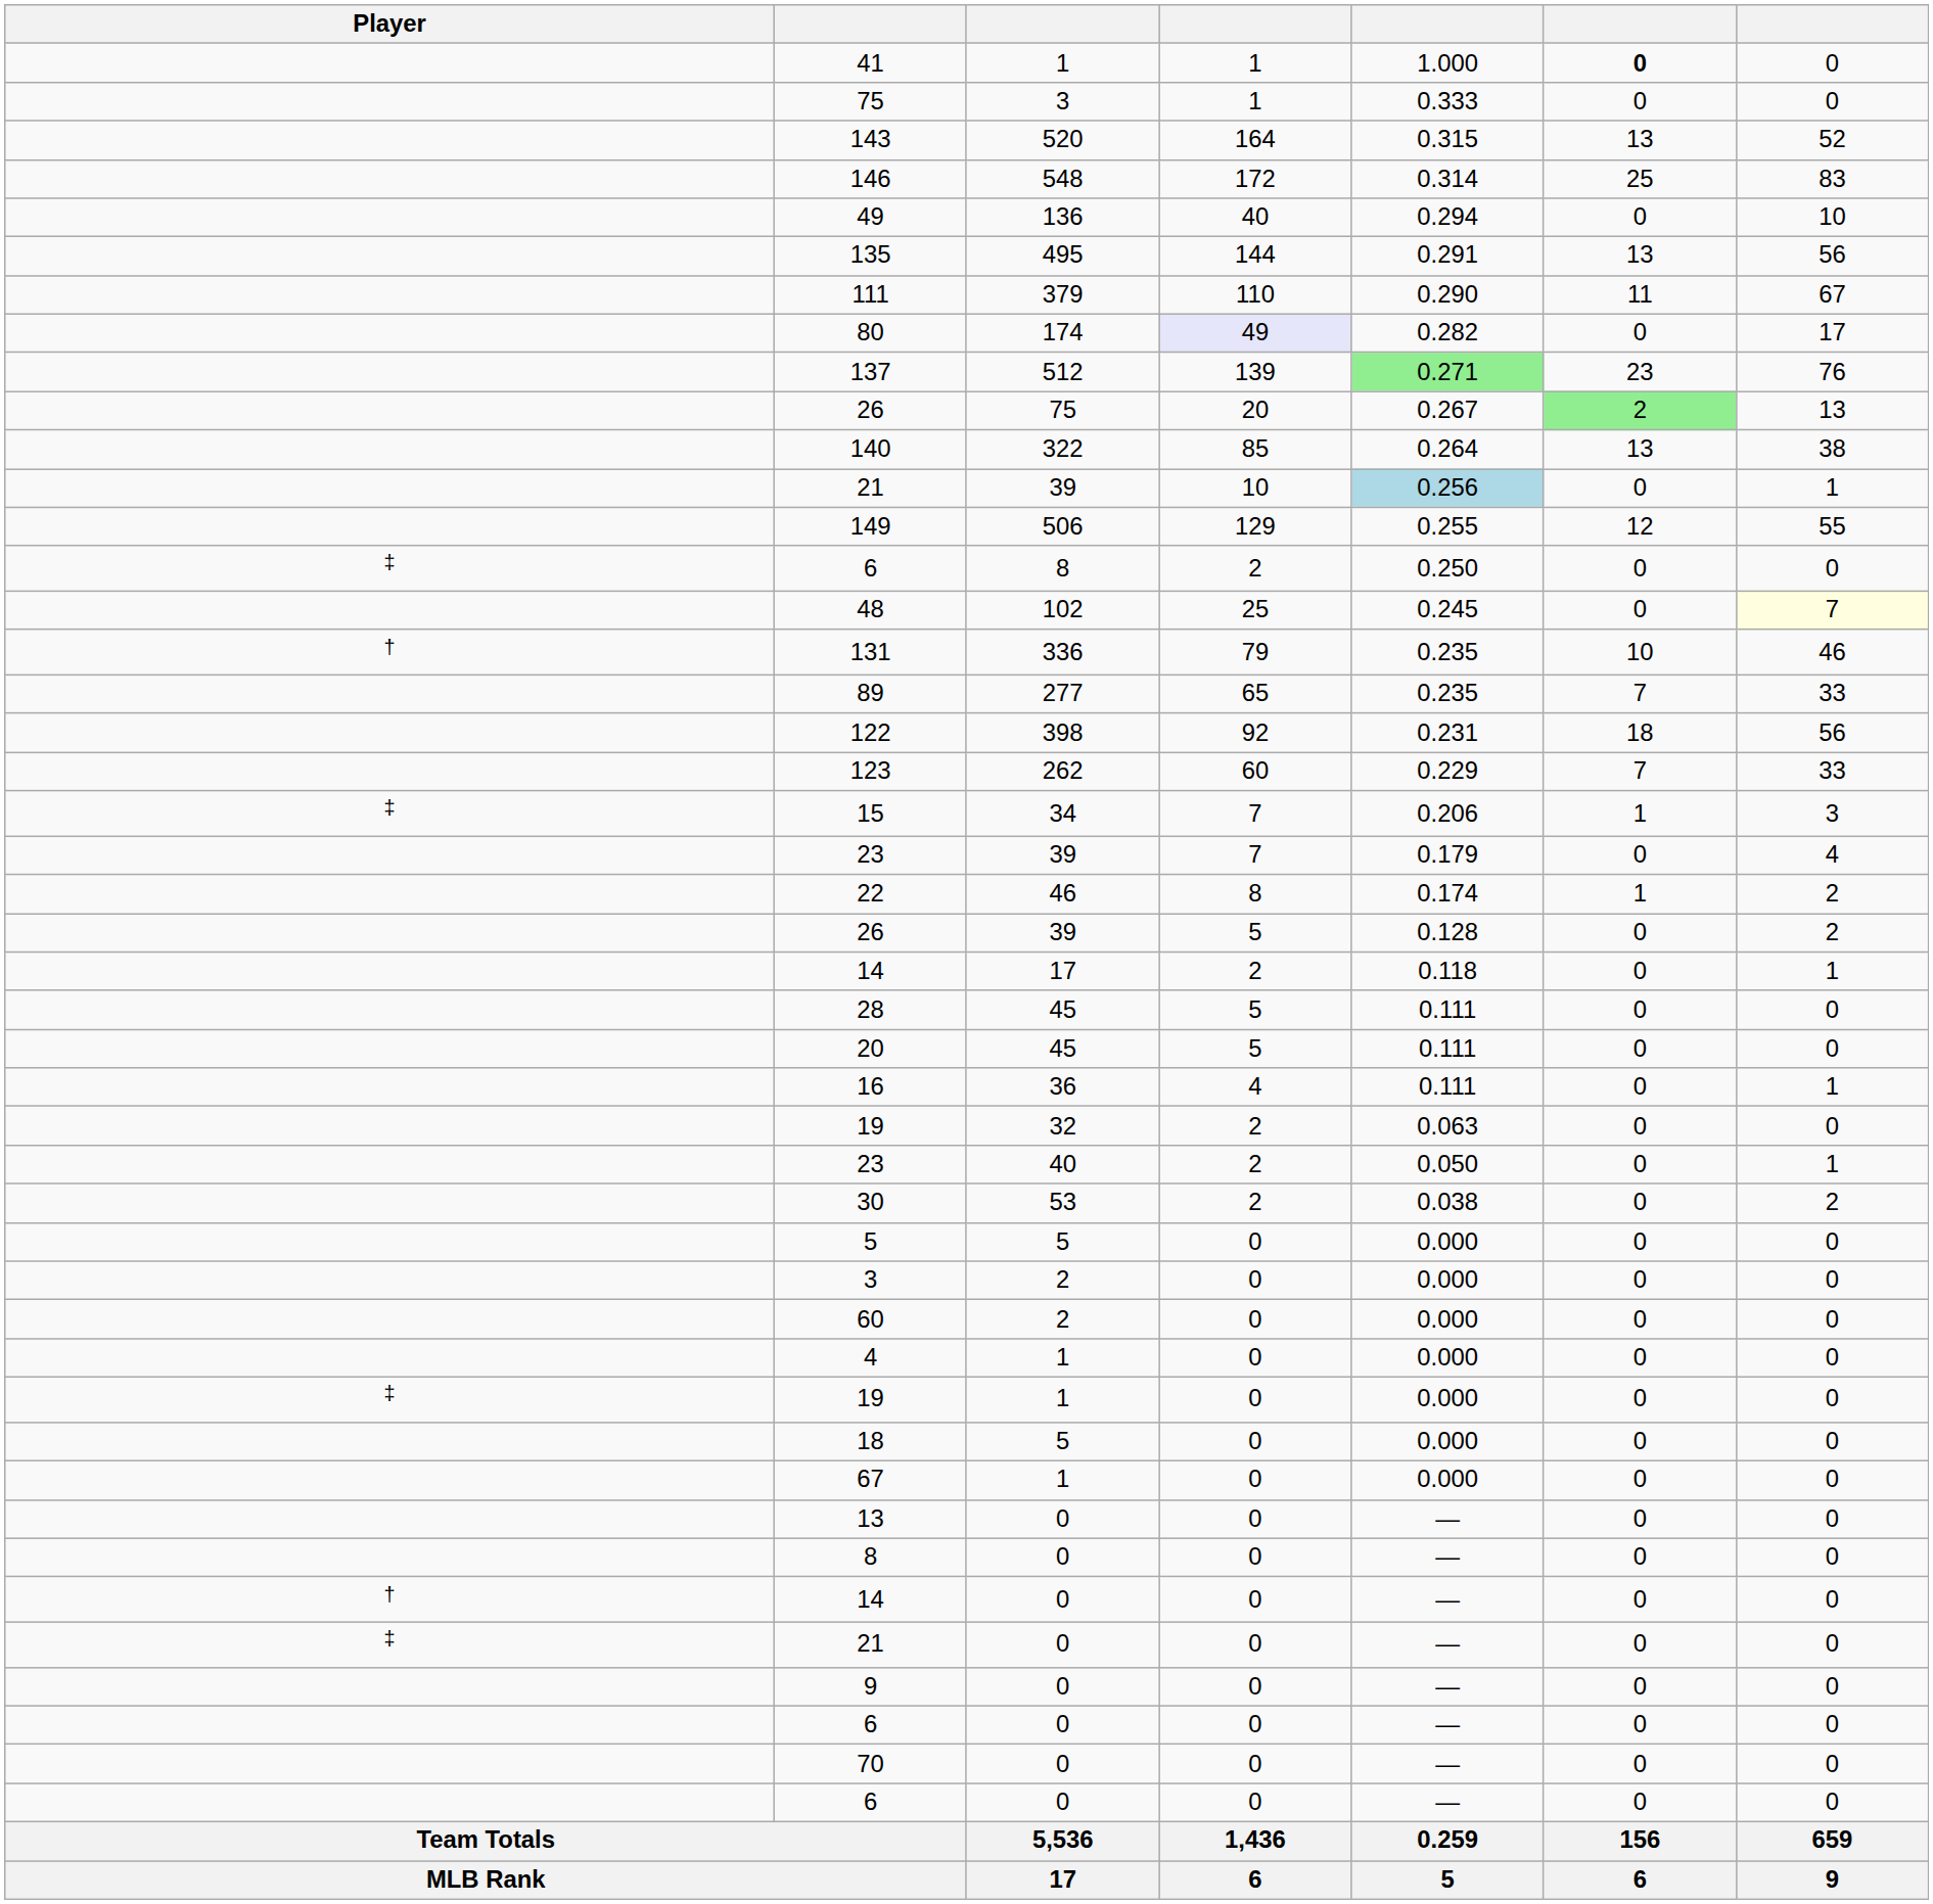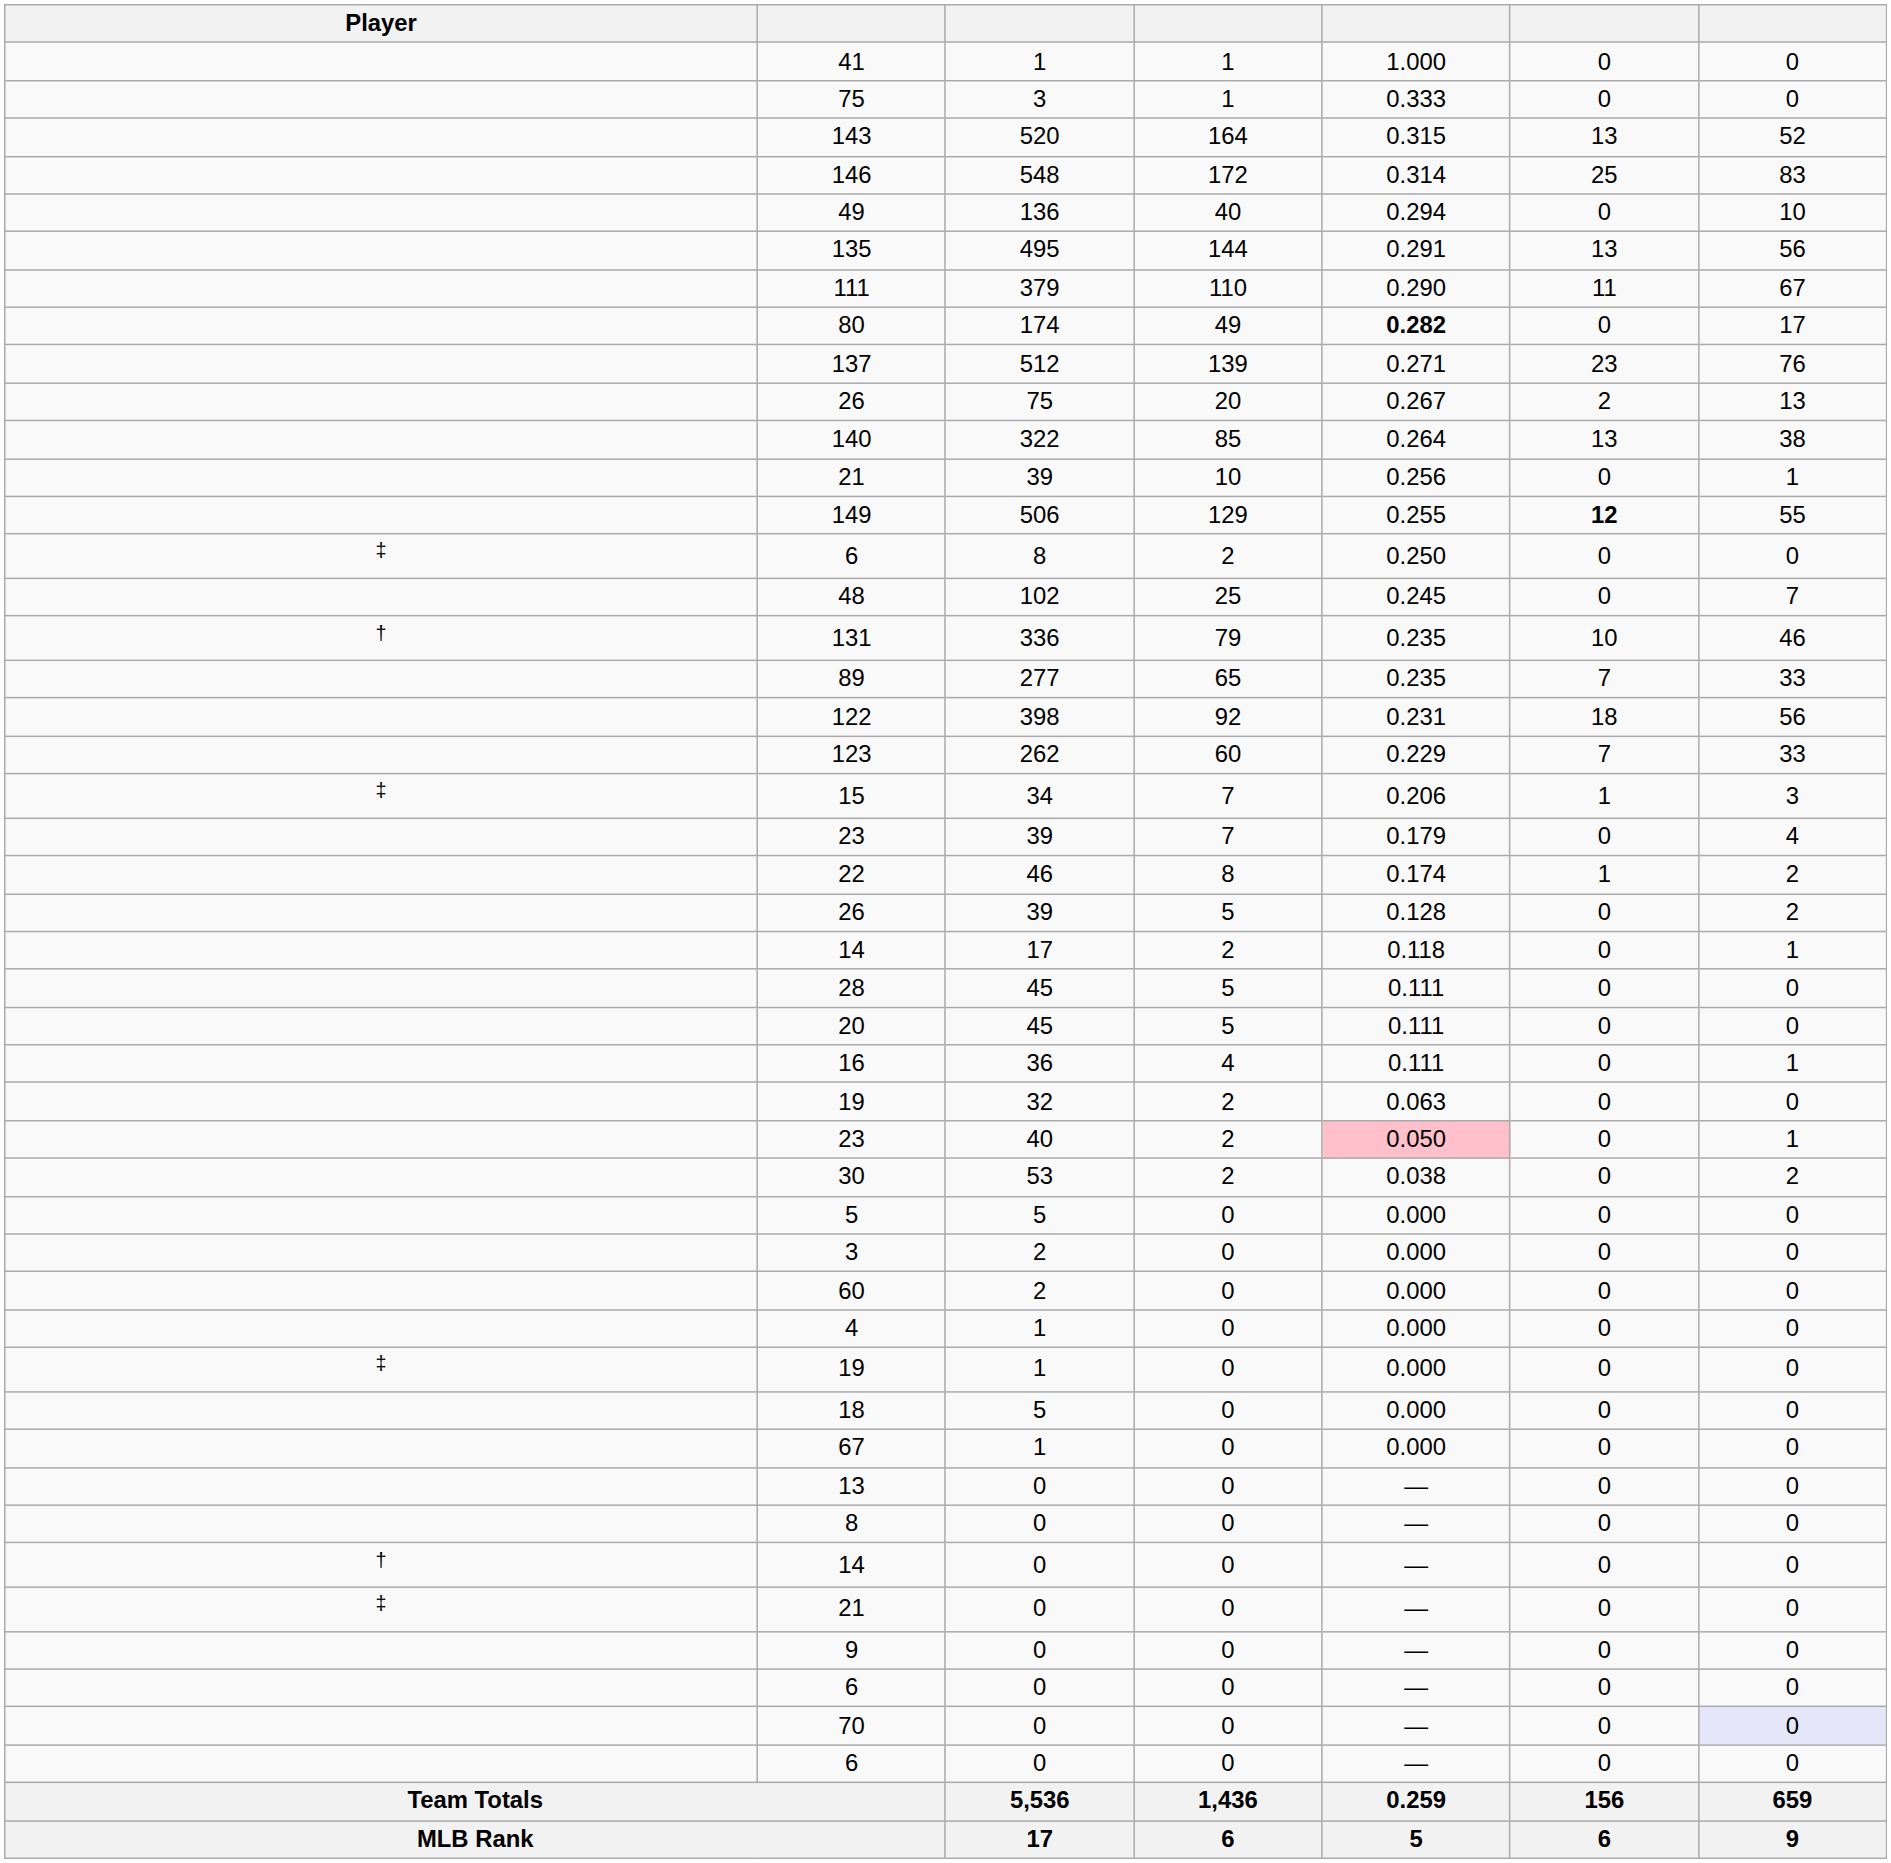 <table class="wikitable sortable" style="text-align:center;" width="100%">
 <tr>
 <th width="40%">Player</th>
 <th width="10%"></th>
 <th width="10%"></th>
 <th width="10%"></th>
 <th width="10%"></th>
 <th width="10%"></th>
 <th width="10%"></th>
 </tr>
 <tr>
 <td></td>
 <td>41</td>
 <td>1</td>
 <td>1</td>
 <td>1.000</td>
-<td><strong>0</strong></td>
+<td>0</td>
 <td>0</td>
 </tr>
 <tr>
 <td></td>
 <td>75</td>
 <td>3</td>
 <td>1</td>
 <td>0.333</td>
 <td>0</td>
 <td>0</td>
 </tr>
 <tr>
 <td></td>
 <td>143</td>
 <td>520</td>
 <td>164</td>
 <td>0.315</td>
 <td>13</td>
 <td>52</td>
 </tr>
 <tr>
 <td></td>
 <td>146</td>
 <td>548</td>
 <td>172</td>
 <td>0.314</td>
 <td>25</td>
 <td>83</td>
 </tr>
 <tr>
 <td></td>
 <td>49</td>
 <td>136</td>
 <td>40</td>
 <td>0.294</td>
 <td>0</td>
 <td>10</td>
 </tr>
 <tr>
 <td></td>
 <td>135</td>
 <td>495</td>
 <td>144</td>
 <td>0.291</td>
 <td>13</td>
 <td>56</td>
 </tr>
 <tr>
 <td></td>
 <td>111</td>
 <td>379</td>
 <td>110</td>
 <td>0.290</td>
 <td>11</td>
 <td>67</td>
 </tr>
 <tr>
 <td></td>
 <td>80</td>
 <td>174</td>
-<td style="background: lavender;">49</td>
-<td>0.282</td>
+<td>49</td>
+<td><strong>0.282</strong></td>
 <td>0</td>
 <td>17</td>
 </tr>
 <tr>
 <td></td>
 <td>137</td>
 <td>512</td>
 <td>139</td>
-<td style="background: lightgreen;">0.271</td>
+<td>0.271</td>
 <td>23</td>
 <td>76</td>
 </tr>
 <tr>
 <td></td>
 <td>26</td>
 <td>75</td>
 <td>20</td>
 <td>0.267</td>
-<td style="background: lightgreen;">2</td>
+<td>2</td>
 <td>13</td>
 </tr>
 <tr>
 <td></td>
 <td>140</td>
 <td>322</td>
 <td>85</td>
 <td>0.264</td>
 <td>13</td>
 <td>38</td>
 </tr>
 <tr>
 <td></td>
 <td>21</td>
 <td>39</td>
 <td>10</td>
-<td style="background: lightblue;">0.256</td>
+<td>0.256</td>
 <td>0</td>
 <td>1</td>
 </tr>
 <tr>
 <td></td>
 <td>149</td>
 <td>506</td>
 <td>129</td>
 <td>0.255</td>
-<td>12</td>
+<td><strong>12</strong></td>
 <td>55</td>
 </tr>
 <tr>
 <td><sup>‡</sup></td>
 <td>6</td>
 <td>8</td>
 <td>2</td>
 <td>0.250</td>
 <td>0</td>
 <td>0</td>
 </tr>
 <tr>
 <td></td>
 <td>48</td>
 <td>102</td>
 <td>25</td>
 <td>0.245</td>
 <td>0</td>
-<td style="background: lightyellow;">7</td>
+<td>7</td>
 </tr>
 <tr>
 <td><sup>†</sup></td>
 <td>131</td>
 <td>336</td>
 <td>79</td>
 <td>0.235</td>
 <td>10</td>
 <td>46</td>
 </tr>
 <tr>
 <td></td>
 <td>89</td>
 <td>277</td>
 <td>65</td>
 <td>0.235</td>
 <td>7</td>
 <td>33</td>
 </tr>
 <tr>
 <td></td>
 <td>122</td>
 <td>398</td>
 <td>92</td>
 <td>0.231</td>
 <td>18</td>
 <td>56</td>
 </tr>
 <tr>
 <td></td>
 <td>123</td>
 <td>262</td>
 <td>60</td>
 <td>0.229</td>
 <td>7</td>
 <td>33</td>
 </tr>
 <tr>
 <td><sup>‡</sup></td>
 <td>15</td>
 <td>34</td>
 <td>7</td>
 <td>0.206</td>
 <td>1</td>
 <td>3</td>
 </tr>
 <tr>
 <td></td>
 <td>23</td>
 <td>39</td>
 <td>7</td>
 <td>0.179</td>
 <td>0</td>
 <td>4</td>
 </tr>
 <tr>
 <td></td>
 <td>22</td>
 <td>46</td>
 <td>8</td>
 <td>0.174</td>
 <td>1</td>
 <td>2</td>
 </tr>
 <tr>
 <td></td>
 <td>26</td>
 <td>39</td>
 <td>5</td>
 <td>0.128</td>
 <td>0</td>
 <td>2</td>
 </tr>
 <tr>
 <td></td>
 <td>14</td>
 <td>17</td>
 <td>2</td>
 <td>0.118</td>
 <td>0</td>
 <td>1</td>
 </tr>
 <tr>
 <td></td>
 <td>28</td>
 <td>45</td>
 <td>5</td>
 <td>0.111</td>
 <td>0</td>
 <td>0</td>
 </tr>
 <tr>
 <td></td>
 <td>20</td>
 <td>45</td>
 <td>5</td>
 <td>0.111</td>
 <td>0</td>
 <td>0</td>
 </tr>
 <tr>
 <td></td>
 <td>16</td>
 <td>36</td>
 <td>4</td>
 <td>0.111</td>
 <td>0</td>
 <td>1</td>
 </tr>
 <tr>
 <td></td>
 <td>19</td>
 <td>32</td>
 <td>2</td>
 <td>0.063</td>
 <td>0</td>
 <td>0</td>
 </tr>
 <tr>
 <td></td>
 <td>23</td>
 <td>40</td>
 <td>2</td>
-<td>0.050</td>
+<td style="background: pink;">0.050</td>
 <td>0</td>
 <td>1</td>
 </tr>
 <tr>
 <td></td>
 <td>30</td>
 <td>53</td>
 <td>2</td>
 <td>0.038</td>
 <td>0</td>
 <td>2</td>
 </tr>
 <tr>
 <td></td>
 <td>5</td>
 <td>5</td>
 <td>0</td>
 <td>0.000</td>
 <td>0</td>
 <td>0</td>
 </tr>
 <tr>
 <td></td>
 <td>3</td>
 <td>2</td>
 <td>0</td>
 <td>0.000</td>
 <td>0</td>
 <td>0</td>
 </tr>
 <tr>
 <td></td>
 <td>60</td>
 <td>2</td>
 <td>0</td>
 <td>0.000</td>
 <td>0</td>
 <td>0</td>
 </tr>
 <tr>
 <td></td>
 <td>4</td>
 <td>1</td>
 <td>0</td>
 <td>0.000</td>
 <td>0</td>
 <td>0</td>
 </tr>
 <tr>
 <td><sup>‡</sup></td>
 <td>19</td>
 <td>1</td>
 <td>0</td>
 <td>0.000</td>
 <td>0</td>
 <td>0</td>
 </tr>
 <tr>
 <td></td>
 <td>18</td>
 <td>5</td>
 <td>0</td>
 <td>0.000</td>
 <td>0</td>
 <td>0</td>
 </tr>
 <tr>
 <td></td>
 <td>67</td>
 <td>1</td>
 <td>0</td>
 <td>0.000</td>
 <td>0</td>
 <td>0</td>
 </tr>
 <tr>
 <td></td>
 <td>13</td>
 <td>0</td>
 <td>0</td>
 <td>—</td>
 <td>0</td>
 <td>0</td>
 </tr>
 <tr>
 <td></td>
 <td>8</td>
 <td>0</td>
 <td>0</td>
 <td>—</td>
 <td>0</td>
 <td>0</td>
 </tr>
 <tr>
 <td><sup>†</sup></td>
 <td>14</td>
 <td>0</td>
 <td>0</td>
 <td>—</td>
 <td>0</td>
 <td>0</td>
 </tr>
 <tr>
 <td><sup>‡</sup></td>
 <td>21</td>
 <td>0</td>
 <td>0</td>
 <td>—</td>
 <td>0</td>
 <td>0</td>
 </tr>
 <tr>
 <td></td>
 <td>9</td>
 <td>0</td>
 <td>0</td>
 <td>—</td>
 <td>0</td>
 <td>0</td>
 </tr>
 <tr>
 <td></td>
 <td>6</td>
 <td>0</td>
 <td>0</td>
 <td>—</td>
 <td>0</td>
 <td>0</td>
 </tr>
 <tr>
 <td></td>
 <td>70</td>
 <td>0</td>
 <td>0</td>
 <td>—</td>
 <td>0</td>
-<td>0</td>
+<td style="background: lavender;">0</td>
 </tr>
 <tr>
 <td></td>
 <td>6</td>
 <td>0</td>
 <td>0</td>
 <td>—</td>
 <td>0</td>
 <td>0</td>
 </tr>
 <tr>
 <th colspan="2">Team Totals</th>
 <th>5,536</th>
 <th>1,436</th>
 <th>0.259</th>
 <th>156</th>
 <th>659</th>
 </tr>
 <tr>
 <th colspan="2">MLB Rank</th>
 <th>17</th>
 <th>6</th>
 <th>5</th>
 <th>6</th>
 <th>9</th>
 </tr>
 </table>
